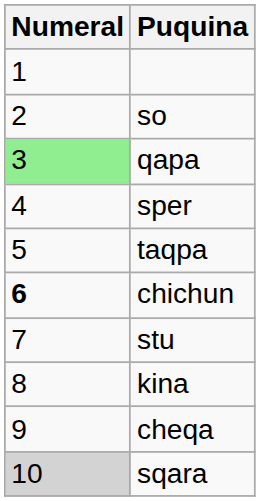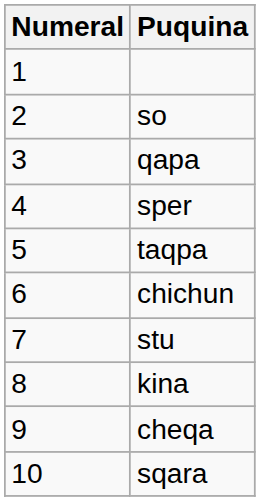 <table class="wikitable">
 <tr>
 <th>Numeral</th>
 <th>Puquina</th>
 </tr>
 <tr>
 <td>1</td>
 <td></td>
 </tr>
 <tr>
 <td>2</td>
 <td>so</td>
 </tr>
 <tr>
-<td style="background: lightgreen;">3</td>
+<td>3</td>
 <td>qapa</td>
 </tr>
 <tr>
 <td>4</td>
 <td>sper</td>
 </tr>
 <tr>
 <td>5</td>
 <td>taqpa</td>
 </tr>
 <tr>
-<td><strong>6</strong></td>
+<td>6</td>
 <td>chichun</td>
 </tr>
 <tr>
 <td>7</td>
 <td>stu</td>
 </tr>
 <tr>
 <td>8</td>
 <td>kina</td>
 </tr>
 <tr>
 <td>9</td>
 <td>cheqa</td>
 </tr>
 <tr>
-<td style="background: lightgrey;">10</td>
+<td>10</td>
 <td>sqara</td>
 </tr>
 </table>
